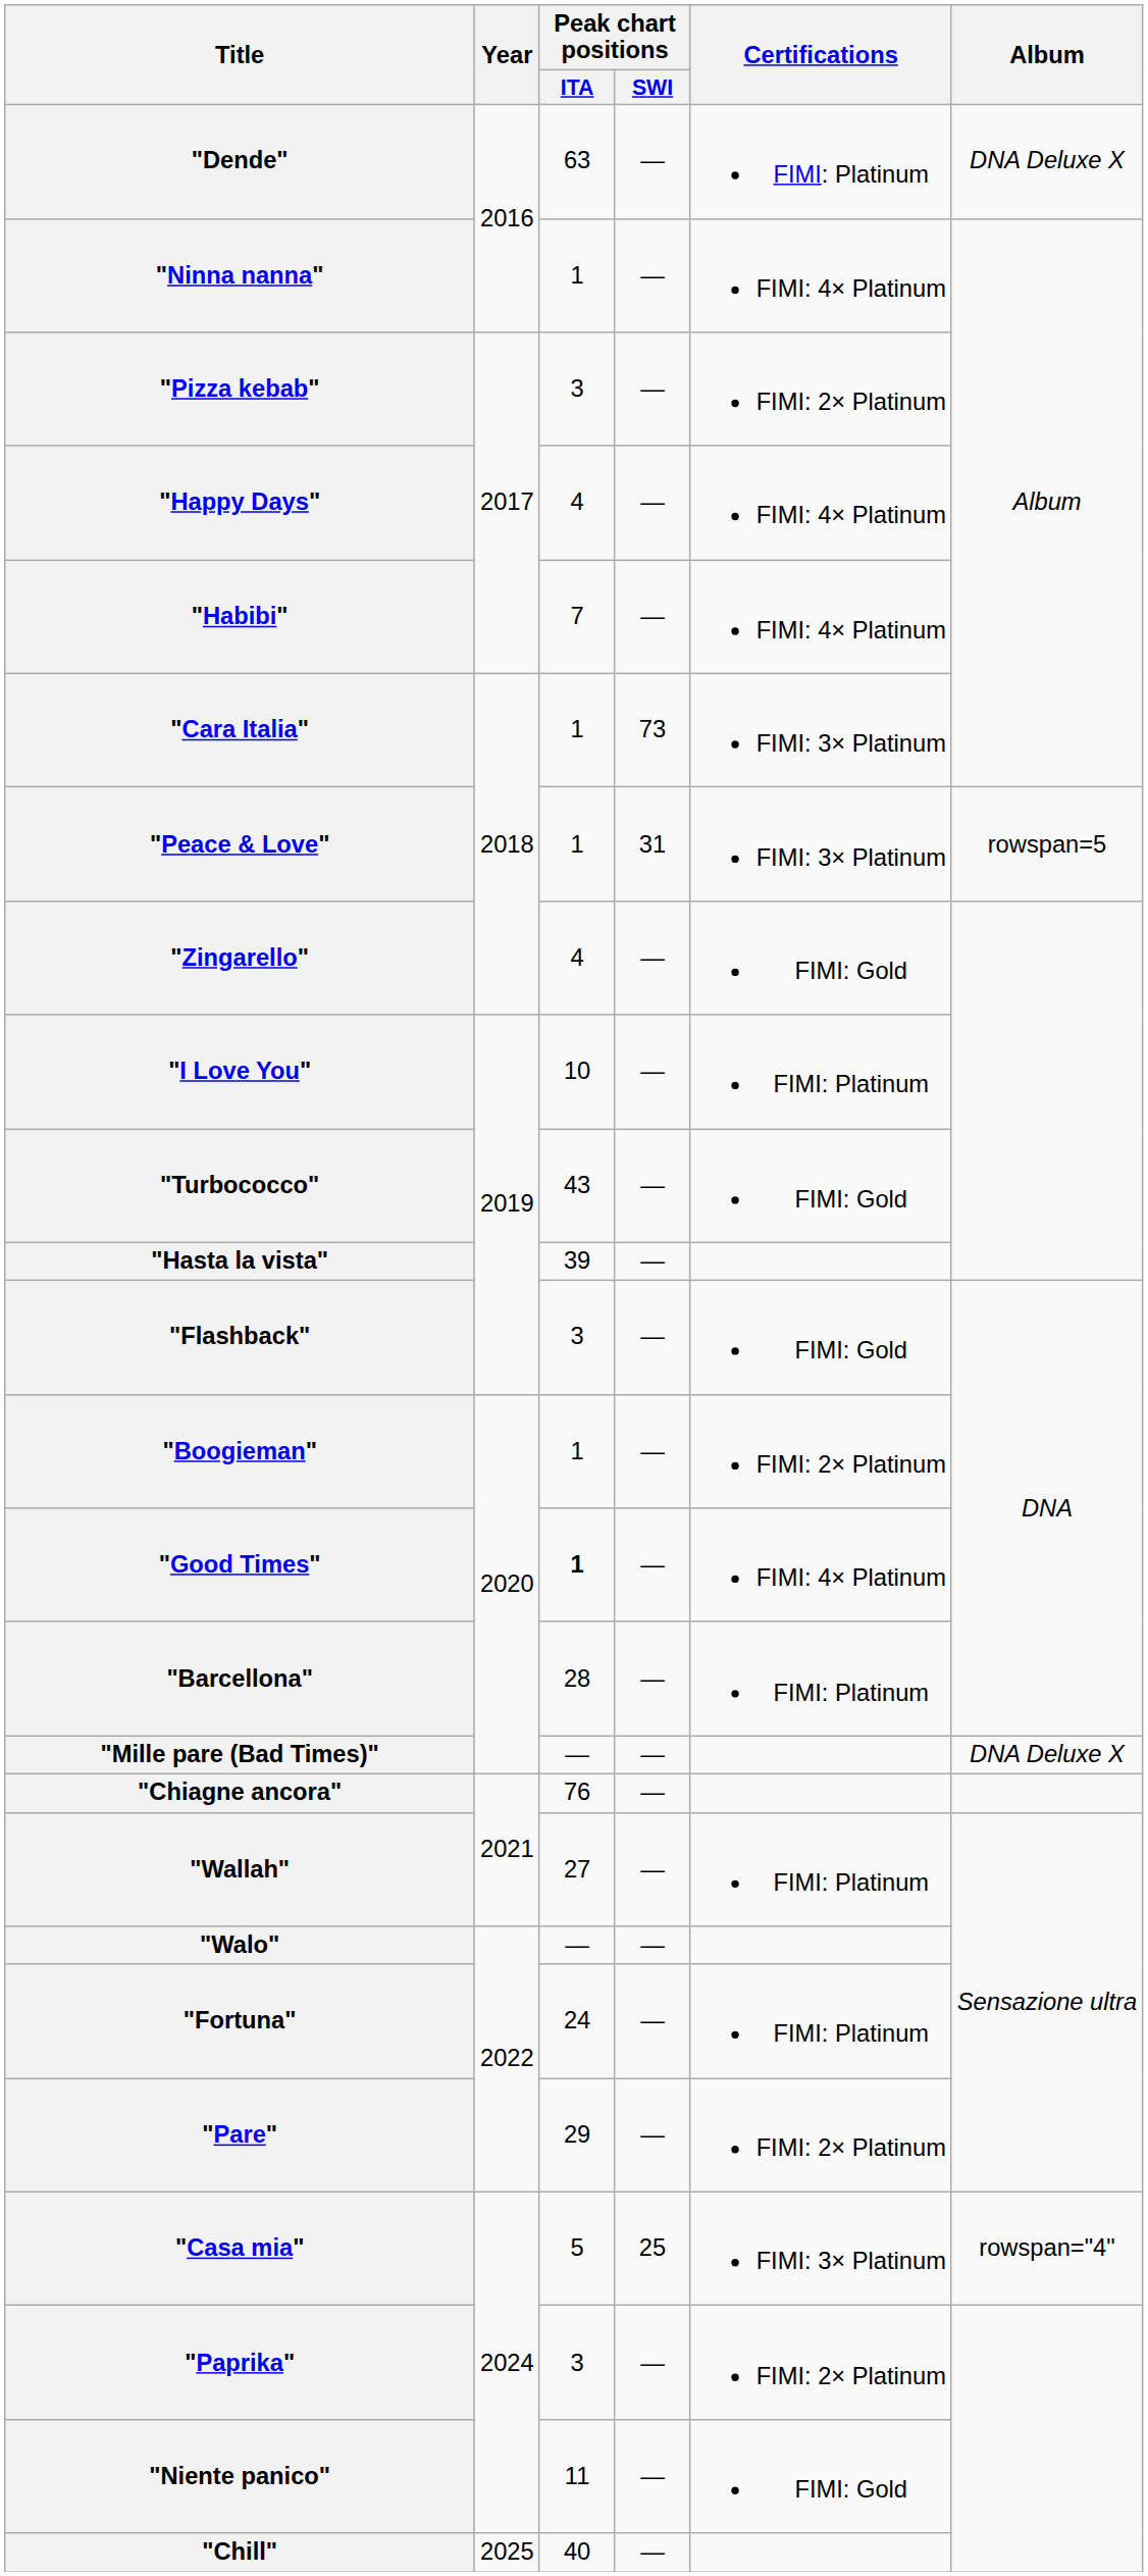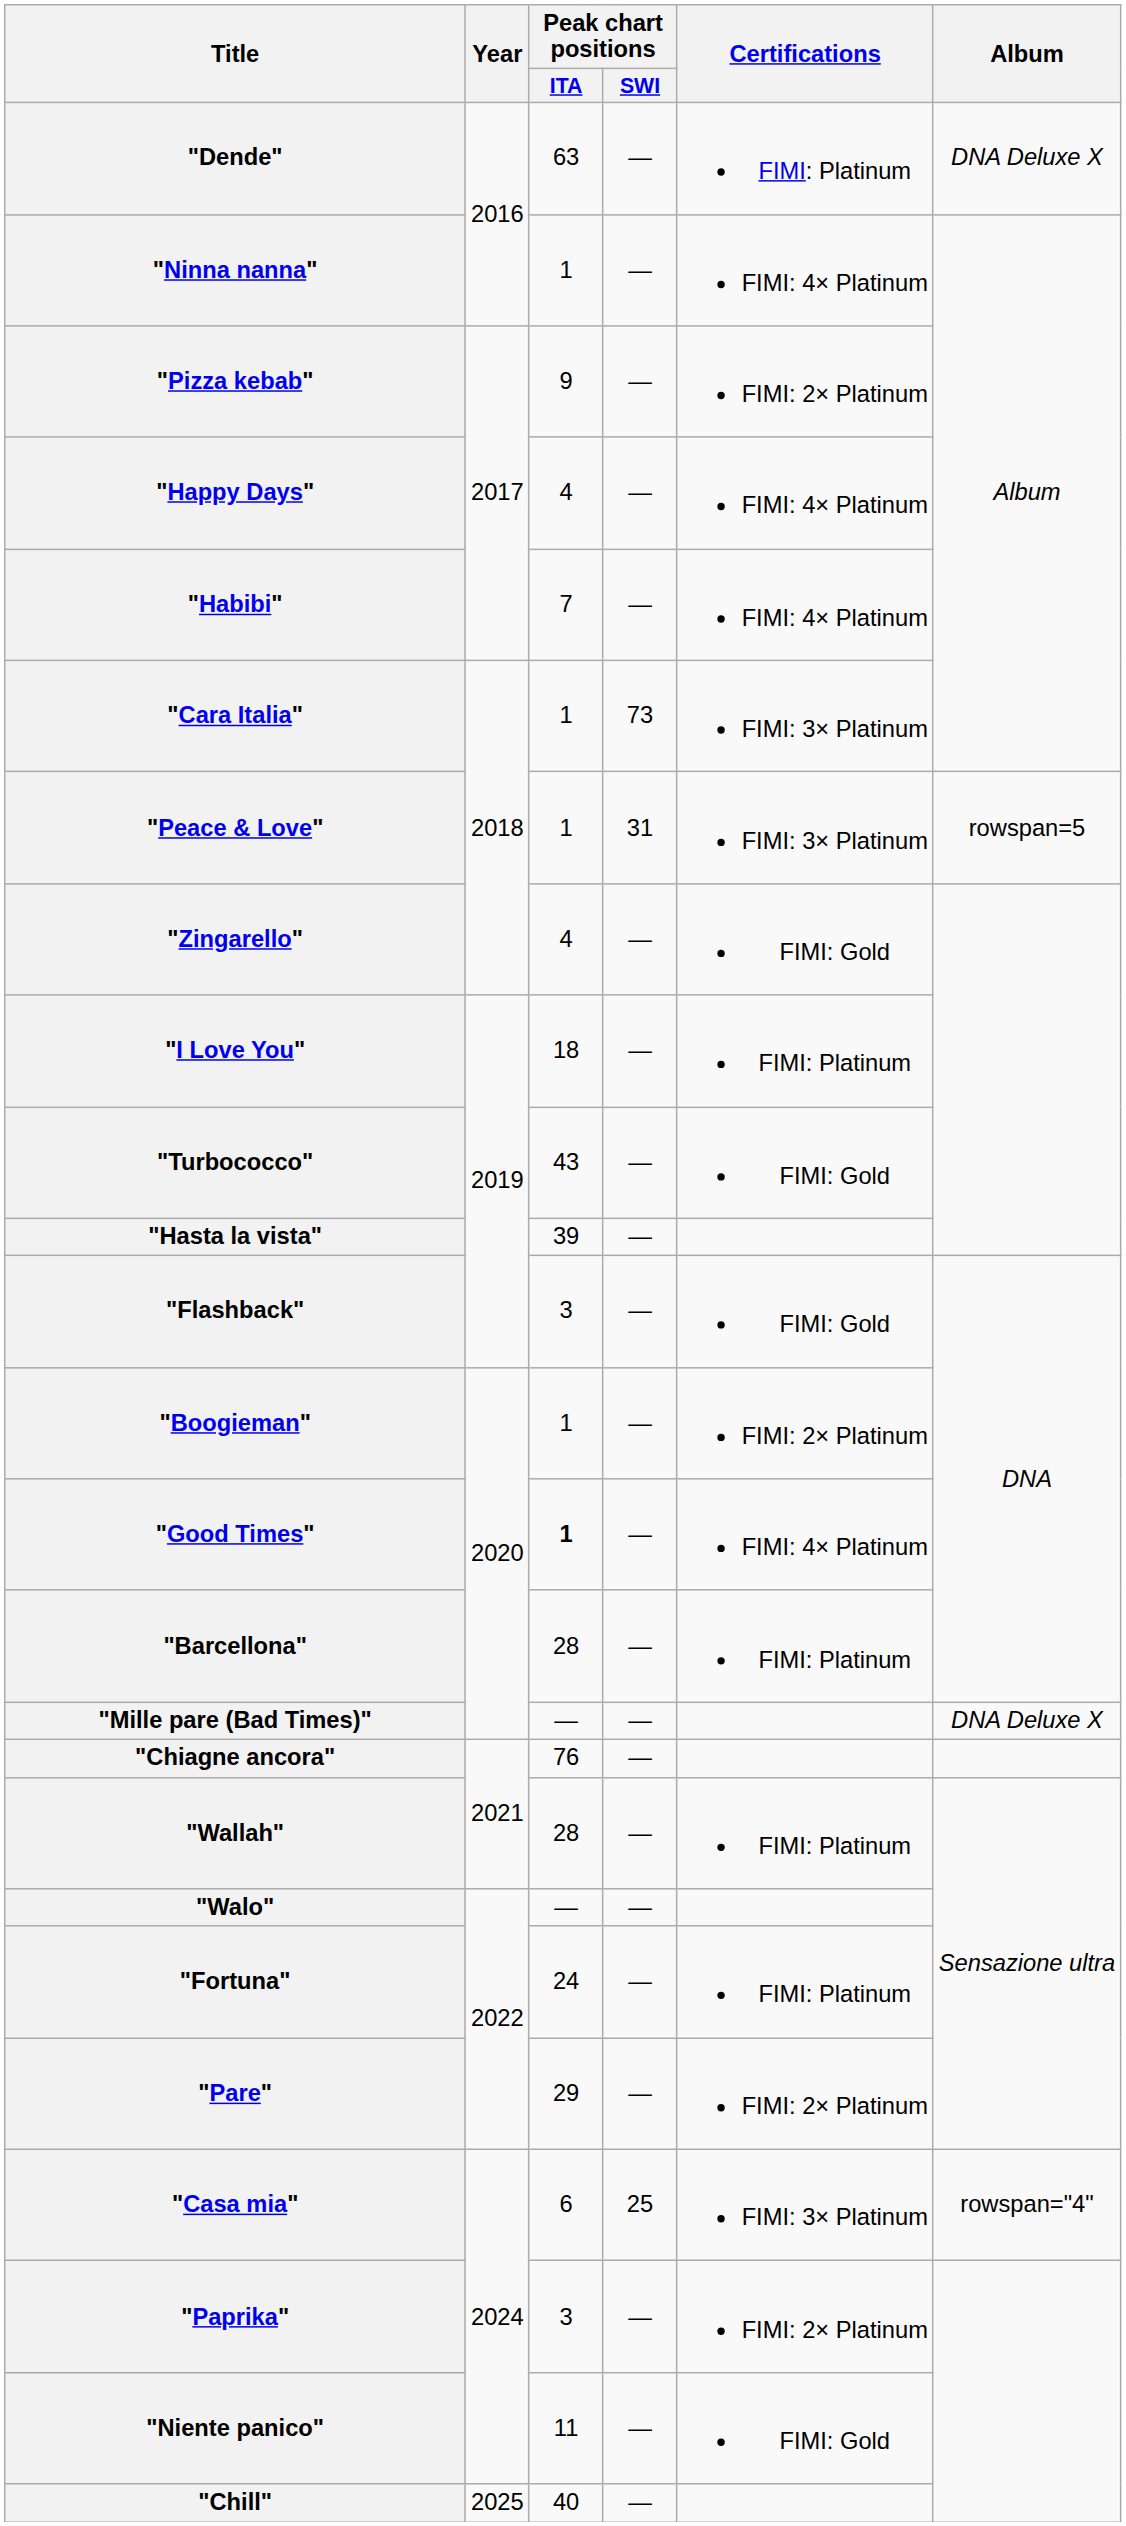 <table class="wikitable plainrowheaders" style="text-align:center;">
 <tr>
 <th scope="col" rowspan="2" style="width:19em;">Title</th>
 <th scope="col" rowspan="2" style="width:1em;">Year</th>
 <th scope="col" colspan="2">Peak chart positions</th>
 <th scope="col" rowspan="2"><a href='#'>Certifications</a></th>
 <th scope="col" rowspan="2">Album</th>
 </tr>
 <tr>
 <th scope="col" style="width:3em;font-size:90%;"><a href='#'>ITA</a><br></th>
 <th scope="col" style="width:3em;font-size:90%;"><a href='#'>SWI</a><br></th>
 </tr>
 <tr>
 <th scope="row">"Dende"</th>
 <td rowspan=2>2016</td>
 <td>63</td>
 <td>—</td>
 <td><br><ul><li><a href='#'>FIMI</a>: Platinum</li></ul></td>
 <td><em>DNA Deluxe X</em></td>
 </tr>
 <tr>
 <th scope="row">"<a href='#'>Ninna nanna</a>"</th>
 <td>1</td>
 <td>—</td>
 <td><br><ul><li>FIMI: 4× Platinum</li></ul></td>
 <td style="text-align:center;" rowspan=5><em>Album</em></td>
 </tr>
 <tr>
 <th scope="row">"<a href='#'>Pizza kebab</a>"</th>
 <td rowspan=3>2017</td>
-<td>3</td>
+<td>9</td>
 <td>—</td>
 <td><br><ul><li>FIMI: 2× Platinum</li></ul></td>
 </tr>
 <tr>
 <th scope="row">"<a href='#'>Happy Days</a>"</th>
 <td>4</td>
 <td>—</td>
 <td><br><ul><li>FIMI: 4× Platinum</li></ul></td>
 </tr>
 <tr>
 <th scope="row">"<a href='#'>Habibi</a>"</th>
 <td>7</td>
 <td>—</td>
 <td><br><ul><li>FIMI: 4× Platinum</li></ul></td>
 </tr>
 <tr>
 <th scope="row">"<a href='#'>Cara Italia</a>"</th>
 <td rowspan="3">2018</td>
 <td>1</td>
 <td>73</td>
 <td><br><ul><li>FIMI: 3× Platinum</li></ul></td>
 </tr>
 <tr>
 <th scope="row">"<a href='#'>Peace & Love</a>"<br></th>
 <td>1</td>
 <td>31</td>
 <td><br><ul><li>FIMI: 3× Platinum</li></ul></td>
 <td>rowspan=5 </td>
 </tr>
 <tr>
 <th scope="row">"<a href='#'>Zingarello</a>"<br></th>
 <td>4</td>
 <td>—</td>
 <td><br><ul><li>FIMI: Gold</li></ul></td>
 </tr>
 <tr>
 <th scope="row">"<a href='#'>I Love You</a>"</th>
 <td rowspan="4">2019</td>
-<td>10</td>
+<td>18</td>
 <td>—</td>
 <td><br><ul><li>FIMI: Platinum</li></ul></td>
 </tr>
 <tr>
 <th scope="row">"Turbococco"</th>
 <td>43</td>
 <td>—</td>
 <td><br><ul><li>FIMI: Gold</li></ul></td>
 </tr>
 <tr>
 <th scope="row">"Hasta la vista"</th>
 <td>39</td>
 <td>—</td>
 <td></td>
 </tr>
 <tr>
 <th scope="row">"Flashback"</th>
 <td>3</td>
 <td>—</td>
 <td><br><ul><li>FIMI: Gold</li></ul></td>
 <td rowspan="4"><em>DNA</em></td>
 </tr>
 <tr>
 <th scope="row">"<a href='#'>Boogieman</a>"<br></th>
 <td rowspan="4">2020</td>
 <td>1</td>
 <td>—</td>
 <td><br><ul><li>FIMI: 2× Platinum</li></ul></td>
 </tr>
 <tr>
 <th scope="row">"<a href='#'>Good Times</a>"</th>
 <td><strong>1</strong></td>
 <td>—</td>
 <td><br><ul><li>FIMI: 4× Platinum</li></ul></td>
 </tr>
 <tr>
 <th scope="row">"Barcellona"</th>
 <td>28</td>
 <td>—</td>
 <td><br><ul><li>FIMI: Platinum </li></ul></td>
 </tr>
 <tr>
 <th scope="row">"Mille pare (Bad Times)"</th>
 <td>—</td>
 <td>—</td>
 <td></td>
 <td><em>DNA Deluxe X</em></td>
 </tr>
 <tr>
 <th scope="row">"Chiagne ancora"<br></th>
 <td rowspan="2">2021</td>
 <td>76</td>
 <td>—</td>
 <td></td>
 <td></td>
 </tr>
 <tr>
 <th scope="row">"Wallah"</th>
-<td>27</td>
+<td>28</td>
 <td>—</td>
 <td><br><ul><li>FIMI: Platinum</li></ul></td>
 <td rowspan="4"><em>Sensazione ultra</em></td>
 </tr>
 <tr>
 <th scope="row">"Walo"</th>
 <td rowspan="3">2022</td>
 <td>—</td>
 <td>—</td>
 <td></td>
 </tr>
 <tr>
 <th scope="row">"Fortuna"</th>
 <td>24</td>
 <td>—</td>
 <td><br><ul><li>FIMI: Platinum</li></ul></td>
 </tr>
 <tr>
 <th scope="row">"<a href='#'>Pare</a>"<br></th>
 <td>29</td>
 <td>—</td>
 <td><br><ul><li>FIMI: 2× Platinum</li></ul></td>
 </tr>
 <tr>
 <th scope="row">"<a href='#'>Casa mia</a>"</th>
 <td rowspan="3">2024</td>
-<td>5</td>
+<td>6</td>
 <td>25</td>
 <td><br><ul><li>FIMI: 3× Platinum</li></ul></td>
 <td>rowspan="4" </td>
 </tr>
 <tr>
 <th scope="row">"<a href='#'>Paprika</a>"</th>
 <td>3</td>
 <td>—</td>
 <td><br><ul><li>FIMI: 2× Platinum</li></ul></td>
 </tr>
 <tr>
 <th scope="row">"Niente panico"</th>
 <td>11<br></td>
 <td>—</td>
 <td><br><ul><li>FIMI: Gold</li></ul></td>
 </tr>
 <tr>
 <th scope="row">"Chill"</th>
 <td>2025</td>
 <td>40<br></td>
 <td>—</td>
 <td></td>
 </tr>
 </table>
